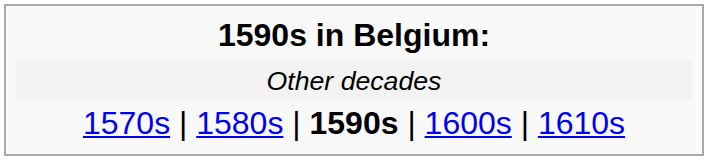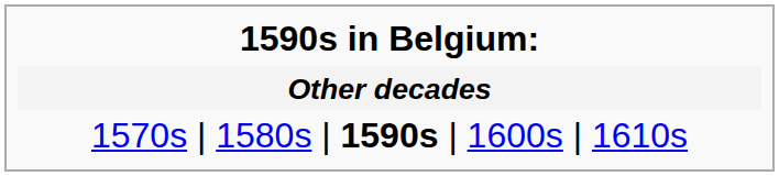 <table class="infobox" width=350>
 <tr>
 <td align="center"> <strong>1590s in Belgium:</strong> </td>
 </tr>
 <tr style="background-color:#f3f3f3">
-<td align="center"><small><em>Other decades</em></small></td>
+<td align="center"><strong><small><em>Other decades</em></small></strong></td>
 </tr>
 <tr>
 <td align="center"><a href='#'>1570s</a> | <a href='#'>1580s</a> | <strong>1590s</strong> | <a href='#'>1600s</a> | <a href='#'>1610s</a></td>
 </tr>
 </table>
